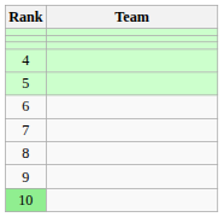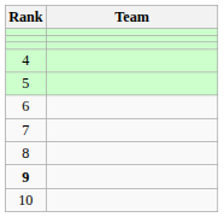 <table class=wikitable style="text-align:center;">
 <tr>
 <th>Rank</th>
 <th width=180>Team</th>
 </tr>
 <tr bgcolor=ccffcc>
 <td></td>
 <td align=left></td>
 </tr>
 <tr bgcolor=ccffcc>
 <td></td>
 <td align=left></td>
 </tr>
 <tr bgcolor=ccffcc>
 <td></td>
 <td align=left></td>
 </tr>
 <tr bgcolor=ccffcc>
 <td>4</td>
 <td align=left></td>
 </tr>
 <tr bgcolor=ccffcc>
 <td>5</td>
 <td align=left></td>
 </tr>
 <tr>
 <td>6</td>
 <td align=left></td>
 </tr>
 <tr>
 <td>7</td>
 <td align=left></td>
 </tr>
 <tr>
 <td>8</td>
 <td align=left></td>
 </tr>
 <tr>
-<td>9</td>
+<td><strong>9</strong></td>
 <td align=left></td>
 </tr>
 <tr>
-<td style="background: lightgreen;">10</td>
+<td>10</td>
 <td align=left></td>
 </tr>
 </table>
